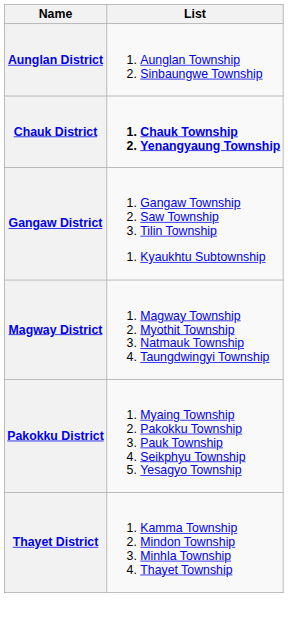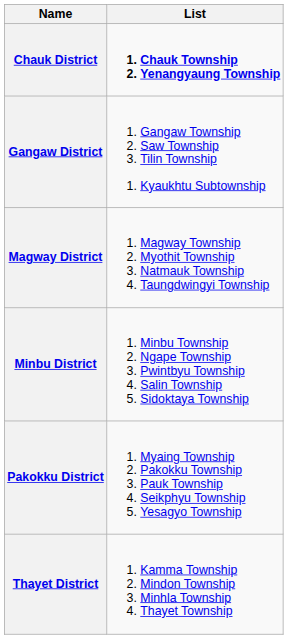 <table class=wikitable>
 <tr>
 <th>Name</th>
 <th>List</th>
-</tr>
-<tr>
-<th><a href='#'>Aunglan District</a></th>
-<td><br><ol><li><a href='#'>Aunglan Township</a></li><li><a href='#'>Sinbaungwe Township</a></li></ol></td>
 </tr>
 <tr>
 <th><a href='#'>Chauk District</a></th>
 <td><strong><br><ol><li><a href='#'>Chauk Township</a></li><li><a href='#'>Yenangyaung Township</a></li></ol></strong></td>
 </tr>
 <tr>
 <th><a href='#'>Gangaw District</a></th>
 <td><br> <ol><li><a href='#'>Gangaw Township</a></li><li><a href='#'>Saw Township</a></li><li><a href='#'>Tilin Township</a></li></ol><ol><li><a href='#'>Kyaukhtu Subtownship</a></li></ol></td>
 </tr>
 <tr>
 <th><a href='#'>Magway District</a></th>
 <td><br><ol><li><a href='#'>Magway Township</a></li><li><a href='#'>Myothit Township</a></li><li><a href='#'>Natmauk Township</a></li><li><a href='#'>Taungdwingyi Township</a></li></ol></td>
 </tr>
 <tr>
+<th><a href='#'>Minbu District</a></th>
+<td><br><ol><li><a href='#'>Minbu Township</a></li><li><a href='#'>Ngape Township</a></li><li><a href='#'>Pwintbyu Township</a></li><li><a href='#'>Salin Township</a></li><li><a href='#'>Sidoktaya Township</a></li></ol></td>
+</tr>
+<tr>
 <th><a href='#'>Pakokku District</a></th>
 <td><br><ol><li><a href='#'>Myaing Township</a></li><li><a href='#'>Pakokku Township</a></li><li><a href='#'>Pauk Township</a></li><li><a href='#'>Seikphyu Township</a></li><li><a href='#'>Yesagyo Township</a></li></ol></td>
 </tr>
 <tr>
 <th><a href='#'>Thayet District</a></th>
 <td><br><ol><li><a href='#'>Kamma Township</a></li><li><a href='#'>Mindon Township</a></li><li><a href='#'>Minhla Township</a></li><li><a href='#'>Thayet Township</a></li></ol></td>
 </tr>
 </table>
